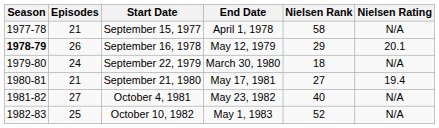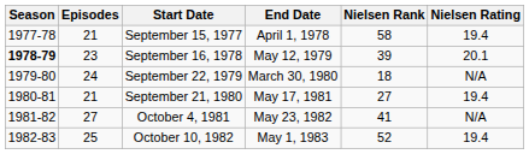 <table class="wikitable" style="text-align: center">
 <tr>
 <th>Season</th>
 <th>Episodes</th>
 <th>Start Date</th>
 <th>End Date</th>
 <th>Nielsen Rank</th>
 <th>Nielsen Rating</th>
 </tr>
 <tr>
 <td style="text-align:center">1977-78</td>
 <td style="text-align:center">21</td>
 <td style="text-align:center">September 15, 1977</td>
 <td style="text-align:center">April 1, 1978</td>
 <td style="text-align:center:">58</td>
-<td style="text-align:center">N/A</td>
+<td style="text-align:center">19.4</td>
 </tr>
 <tr>
 <td style="text-align:center"><strong>1978-79</strong></td>
-<td style="text-align:center">26</td>
+<td style="text-align:center">23</td>
 <td style="text-align:center">September 16, 1978</td>
 <td style="text-align:center">May 12, 1979</td>
-<td style="text-align:center:">29</td>
+<td style="text-align:center:">39</td>
 <td style="text-align:center">20.1</td>
 </tr>
 <tr>
 <td style="text-align:center">1979-80</td>
 <td style="text-align:center">24</td>
 <td style="text-align:center">September 22, 1979</td>
 <td style="text-align:center">March 30, 1980</td>
 <td style="text-align:center:">18</td>
 <td style="text-align:center">N/A</td>
 </tr>
 <tr>
 <td style="text-align:center">1980-81</td>
 <td style="text-align:center">21</td>
 <td style="text-align:center">September 21, 1980</td>
 <td style="text-align:center">May 17, 1981</td>
 <td style="text-align:center:">27</td>
 <td style="text-align:center">19.4</td>
 </tr>
 <tr>
 <td style="text-align:center">1981-82</td>
 <td style="text-align:center">27</td>
 <td style="text-align:center">October 4, 1981</td>
 <td style="text-align:center">May 23, 1982</td>
-<td style="text-align:center:">40</td>
+<td style="text-align:center:">41</td>
 <td style="text-align:center">N/A</td>
 </tr>
 <tr>
 <td style="text-align:center">1982-83</td>
 <td style="text-align:center">25</td>
 <td style="text-align:center">October 10, 1982</td>
 <td style="text-align:center">May 1, 1983</td>
 <td style="text-align:center:">52</td>
-<td style="text-align:center">N/A</td>
+<td style="text-align:center">19.4</td>
 </tr>
 </table>
